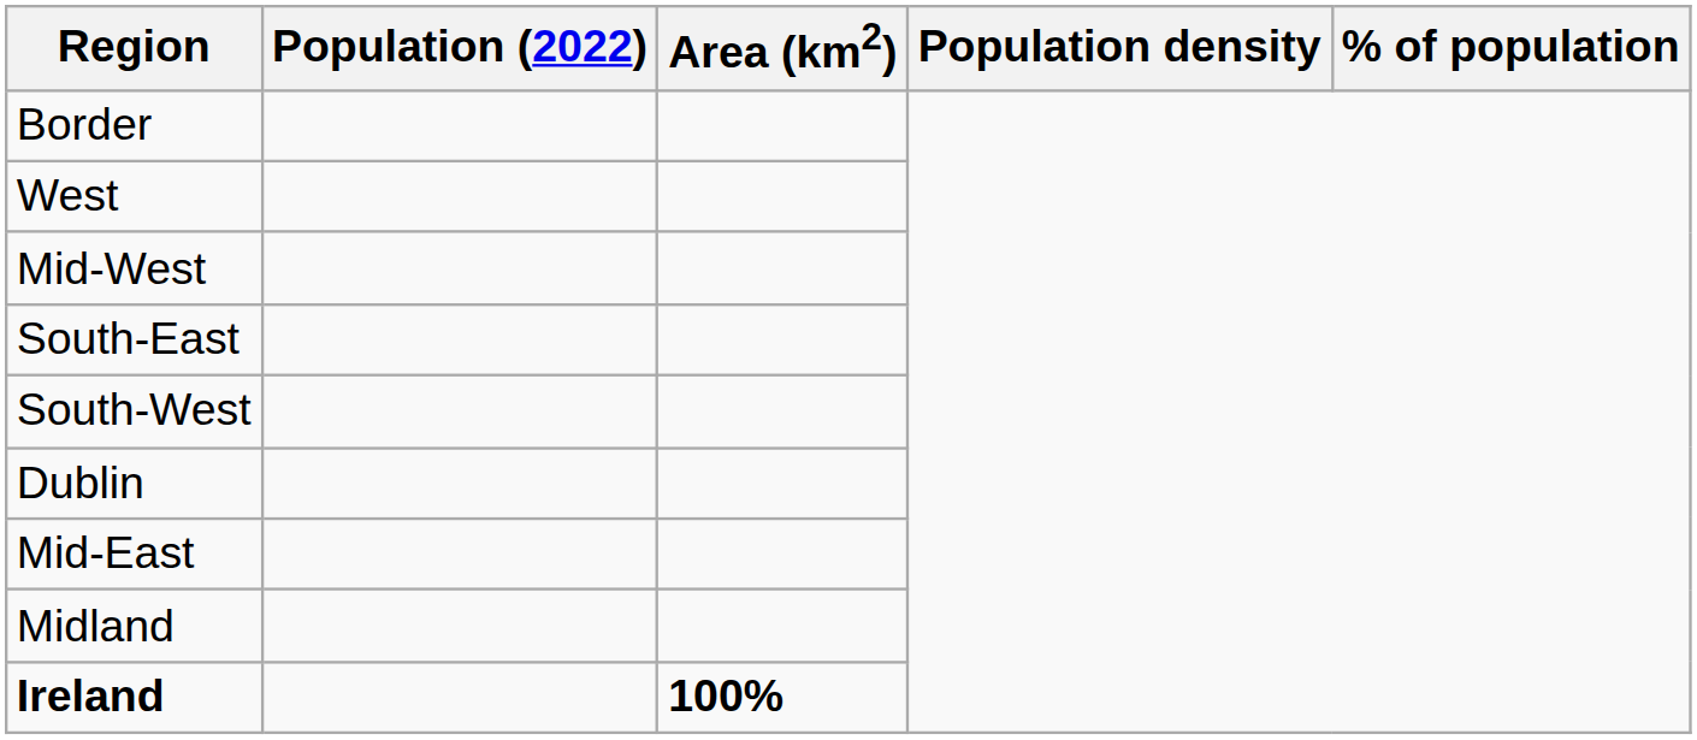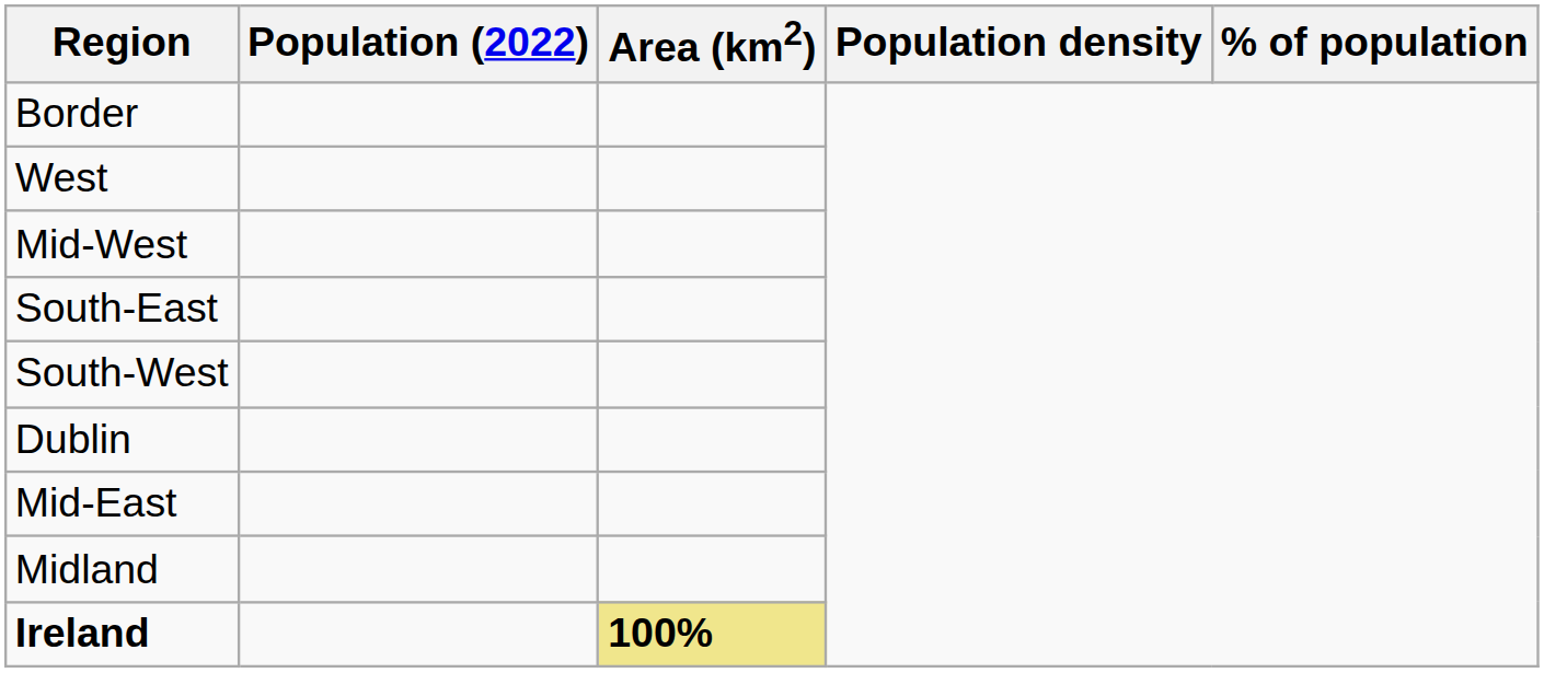 <table class="wikitable sortable">
 <tr>
 <th>Region</th>
 <th>Population (<a href='#'>2022</a>)</th>
 <th>Area (km<sup>2</sup>)</th>
 <th>Population density</th>
 <th>% of population</th>
 </tr>
 <tr>
 <td>Border</td>
 <td></td>
 <td></td>
 </tr>
 <tr>
 <td>West</td>
 <td></td>
 <td></td>
 </tr>
 <tr>
 <td>Mid-West</td>
 <td></td>
 <td></td>
 </tr>
 <tr>
 <td>South-East</td>
 <td></td>
 <td></td>
 </tr>
 <tr>
 <td>South-West</td>
 <td></td>
 <td></td>
 </tr>
 <tr>
 <td>Dublin</td>
 <td></td>
 <td></td>
 </tr>
 <tr>
 <td>Mid-East</td>
 <td></td>
 <td></td>
 </tr>
 <tr>
 <td>Midland</td>
 <td></td>
 <td></td>
 </tr>
 <tr class="sortbottom" style="font-weight:bold">
 <td>Ireland</td>
 <td></td>
-<td>100%</td>
+<td style="background: khaki;">100%</td>
 </tr>
 </table>
